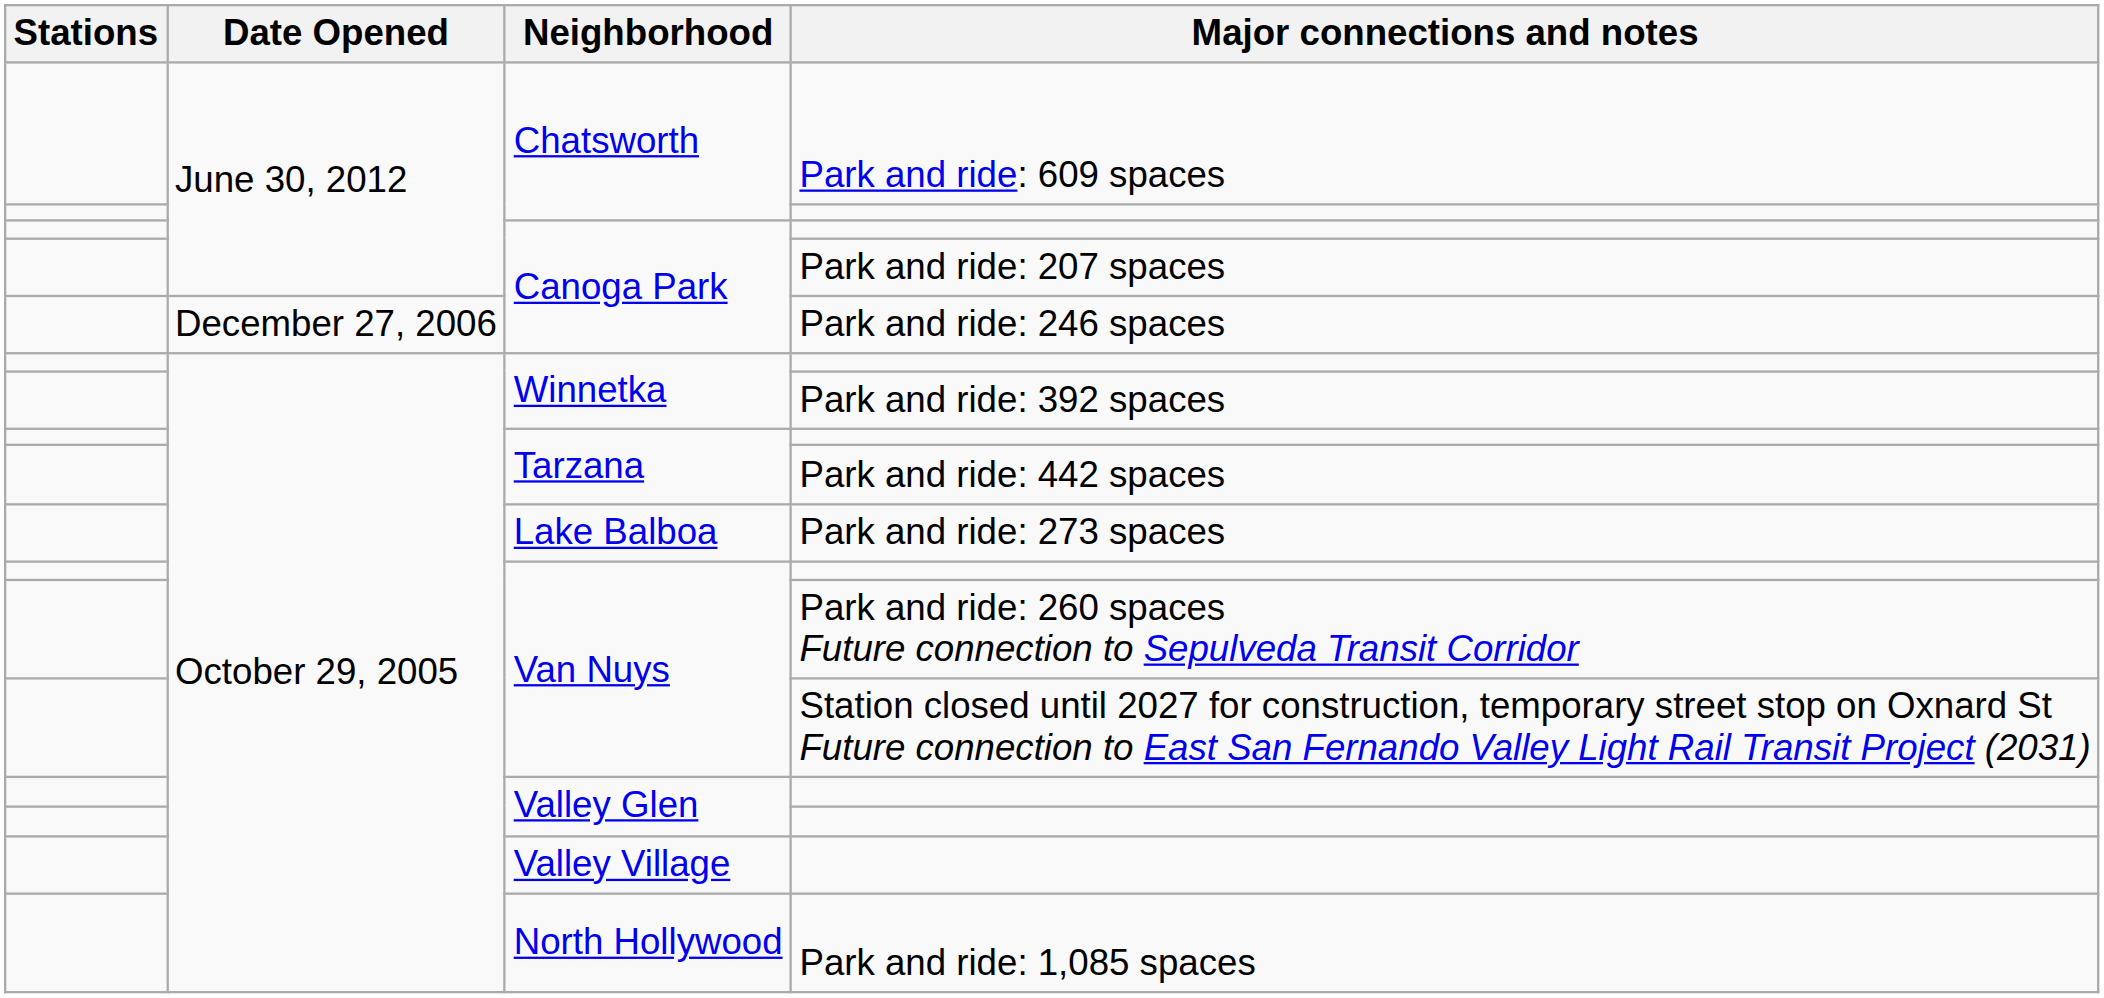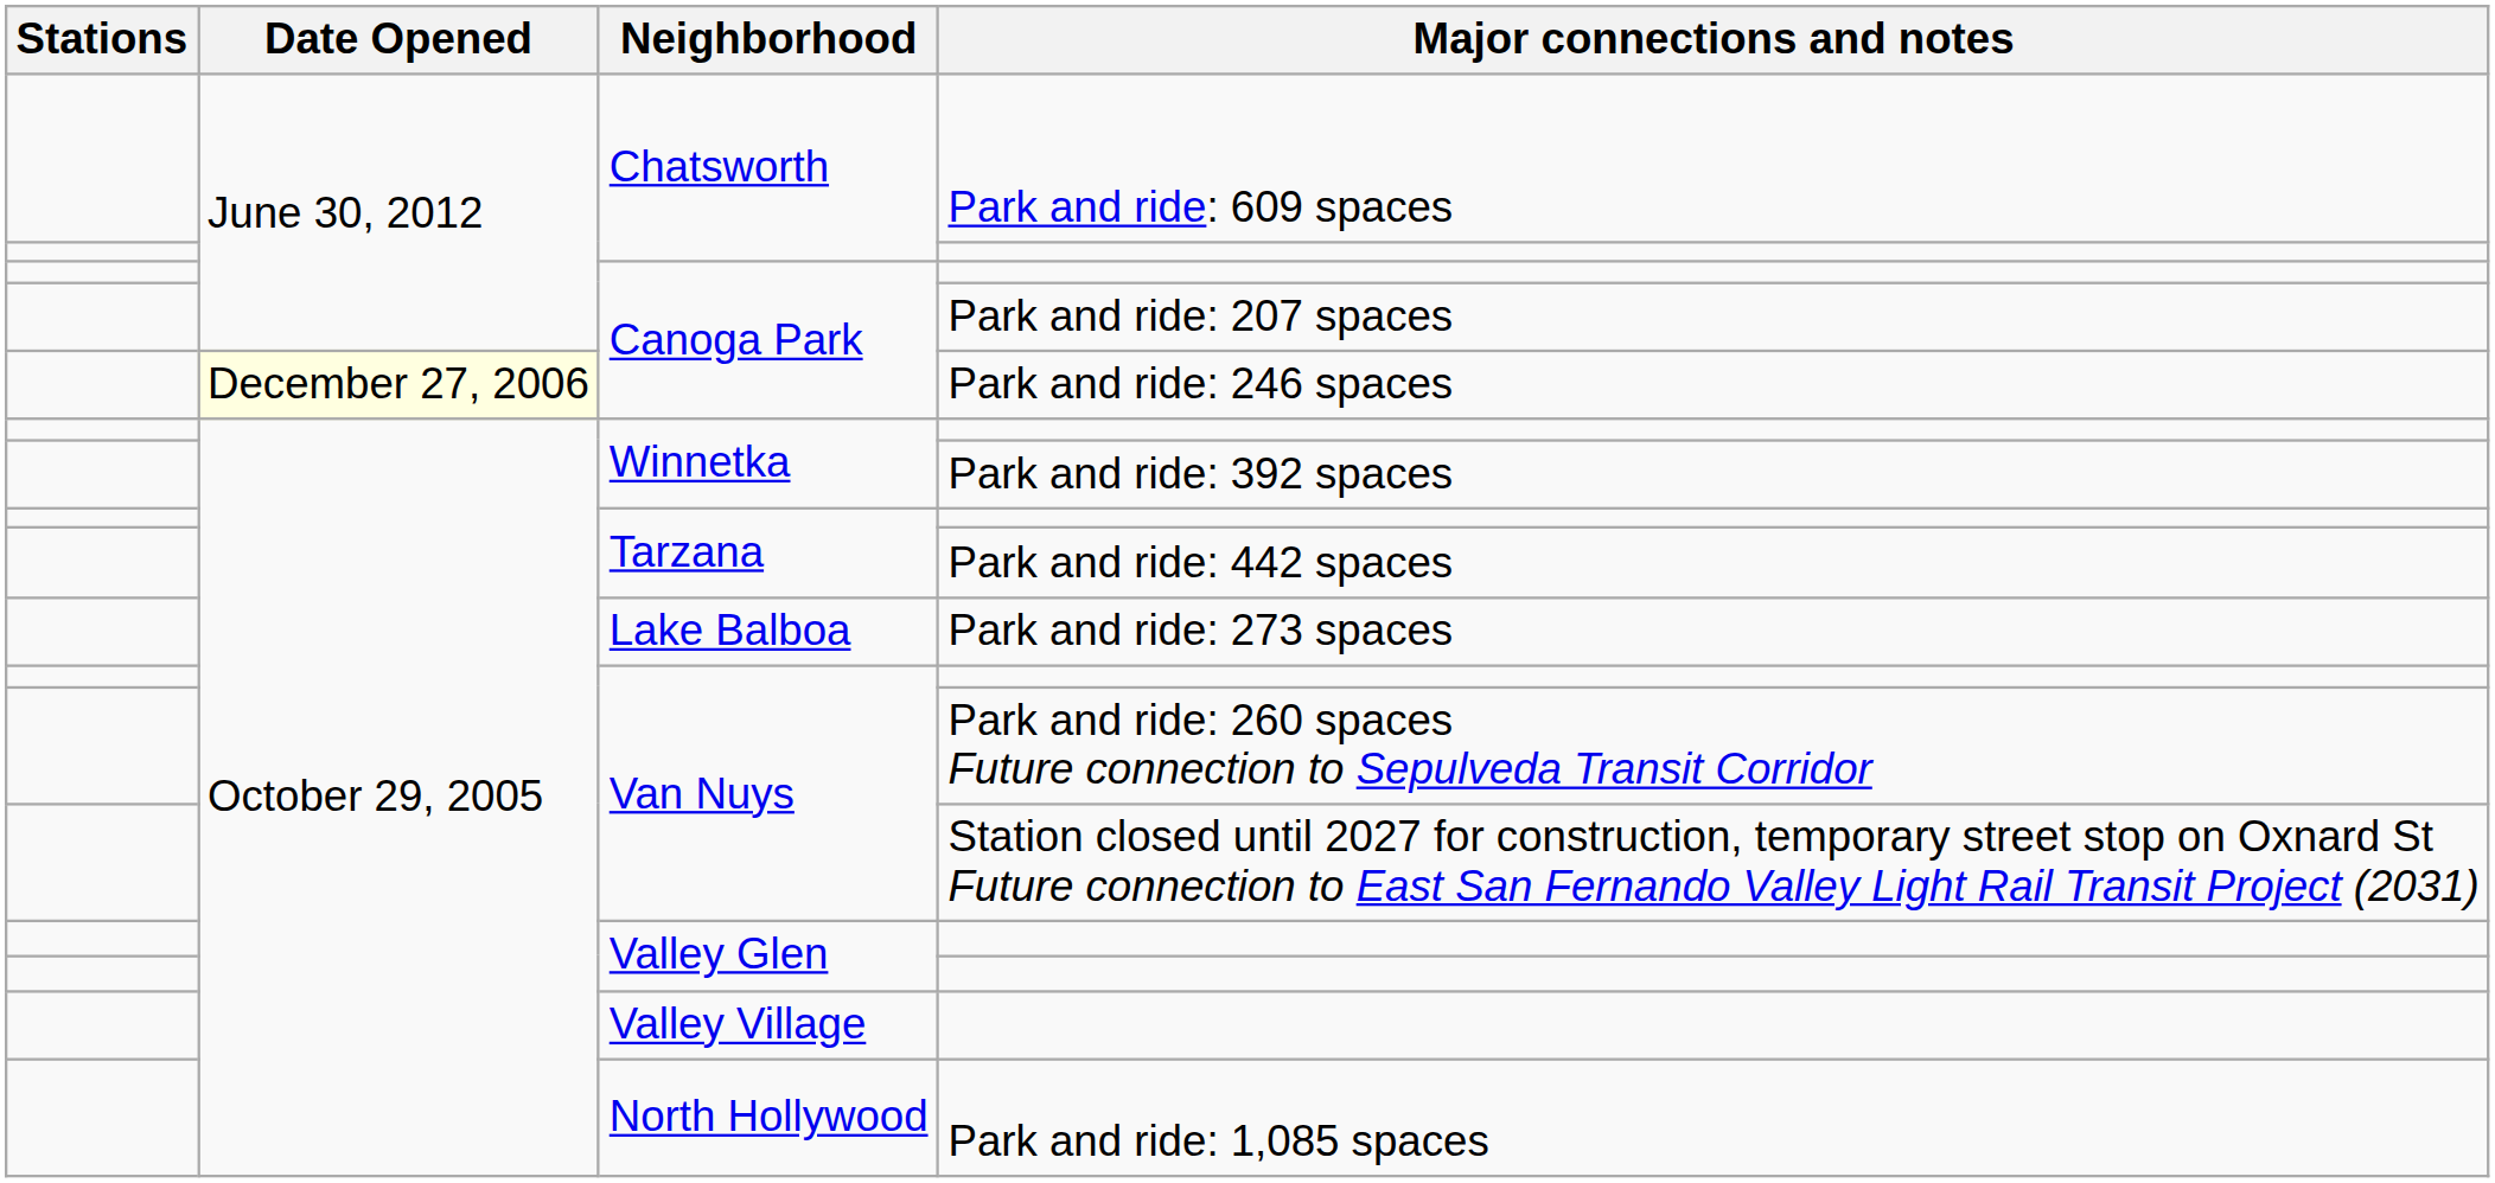 <table class="wikitable">
 <tr>
 <th>Stations</th>
 <th>Date Opened</th>
 <th>Neighborhood<br></th>
 <th>Major connections and notes</th>
 </tr>
 <tr>
 <td></td>
 <td rowspan="4">June 30, 2012</td>
 <td rowspan="2"><a href='#'>Chatsworth</a></td>
 <td> <br> <br><a href='#'>Park and ride</a>: 609 spaces</td>
 </tr>
 <tr>
 <td></td>
 <td></td>
 </tr>
 <tr>
 <td></td>
 <td rowspan="3"><a href='#'>Canoga Park</a></td>
 <td></td>
 </tr>
 <tr>
 <td></td>
 <td>Park and ride: 207 spaces</td>
 </tr>
 <tr>
 <td></td>
-<td>December 27, 2006</td>
+<td style="background: lightyellow;">December 27, 2006</td>
 <td>Park and ride: 246 spaces</td>
 </tr>
 <tr>
 <td></td>
 <td rowspan="12">October 29, 2005</td>
 <td rowspan="2"><a href='#'>Winnetka</a></td>
 <td></td>
 </tr>
 <tr>
 <td></td>
 <td>Park and ride: 392 spaces</td>
 </tr>
 <tr>
 <td></td>
 <td rowspan="2"><a href='#'>Tarzana</a></td>
 <td></td>
 </tr>
 <tr>
 <td></td>
 <td>Park and ride: 442 spaces</td>
 </tr>
 <tr>
 <td></td>
 <td><a href='#'>Lake Balboa</a></td>
 <td>Park and ride: 273 spaces</td>
 </tr>
 <tr>
 <td></td>
 <td rowspan="3"><a href='#'>Van Nuys</a></td>
 <td></td>
 </tr>
 <tr>
 <td></td>
 <td>Park and ride: 260 spaces<br> <em>Future connection to <a href='#'>Sepulveda Transit Corridor</a></em></td>
 </tr>
 <tr>
 <td><s></s></td>
 <td>Station closed until 2027 for construction, temporary street stop on Oxnard St<br> <em>Future connection to <a href='#'>East San Fernando Valley Light Rail Transit Project</a> (2031)</em></td>
 </tr>
 <tr>
 <td></td>
 <td rowspan="2"><a href='#'>Valley Glen</a></td>
 <td></td>
 </tr>
 <tr>
 <td></td>
 <td></td>
 </tr>
 <tr>
 <td></td>
 <td><a href='#'>Valley Village</a></td>
 <td></td>
 </tr>
 <tr>
 <td></td>
 <td><a href='#'>North Hollywood</a></td>
 <td><br>Park and ride: 1,085 spaces</td>
 </tr>
 </table>
